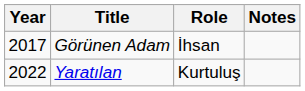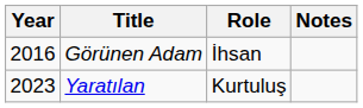 <table class="wikitable">
 <tr>
 <th>Year</th>
 <th>Title</th>
 <th>Role</th>
 <th>Notes</th>
 </tr>
 <tr>
-<td>2017</td>
+<td>2016</td>
 <td><em>Görünen Adam</em></td>
 <td>İhsan</td>
 <td></td>
 </tr>
 <tr>
-<td>2022</td>
+<td>2023</td>
 <td><em><a href='#'>Yaratılan</a></em></td>
 <td>Kurtuluş</td>
 <td></td>
 </tr>
 </table>
